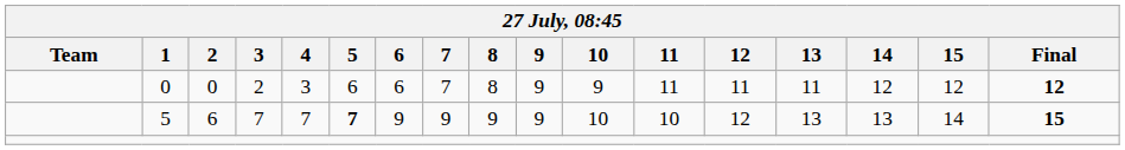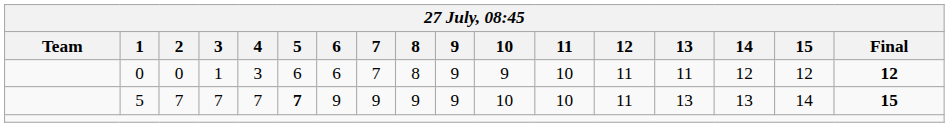 <table class=wikitable style="text-align:center; width: 55%">
 <tr>
 <th colspan=17><em>27 July, 08:45</em></th>
 </tr>
 <tr>
 <th>Team</th>
 <th>1</th>
 <th>2</th>
 <th>3</th>
 <th>4</th>
 <th>5</th>
 <th>6</th>
 <th>7</th>
 <th>8</th>
 <th>9</th>
 <th>10</th>
 <th>11</th>
 <th>12</th>
 <th>13</th>
 <th>14</th>
 <th>15</th>
 <th>Final</th>
 </tr>
 <tr>
 <td align=left></td>
 <td>0</td>
 <td>0</td>
-<td>2</td>
+<td>1</td>
 <td>3</td>
 <td>6</td>
 <td>6</td>
 <td>7</td>
 <td>8</td>
 <td>9</td>
 <td>9</td>
-<td>11</td>
+<td>10</td>
 <td>11</td>
 <td>11</td>
 <td>12</td>
 <td>12</td>
 <td><strong>12</strong></td>
 </tr>
 <tr>
 <td align=left><strong></strong></td>
 <td>5</td>
-<td>6</td>
+<td>7</td>
 <td>7</td>
 <td>7</td>
 <td><strong>7</strong></td>
 <td>9</td>
 <td>9</td>
 <td>9</td>
 <td>9</td>
 <td>10</td>
 <td>10</td>
-<td>12</td>
+<td>11</td>
 <td>13</td>
 <td>13</td>
 <td>14</td>
 <td><strong>15</strong></td>
 </tr>
 <tr>
 <td colspan=17></td>
 </tr>
 </table>
